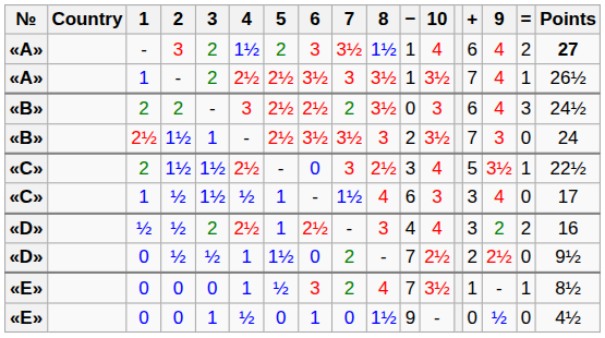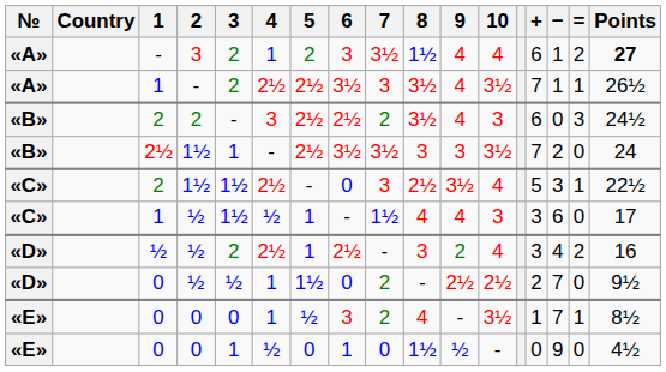 <table class="wikitable" style="text-align:center">
 <tr>
 <th>№</th>
 <th>Country</th>
 <th>1</th>
 <th>2</th>
 <th>3</th>
 <th>4</th>
 <th>5</th>
 <th>6</th>
 <th>7</th>
 <th>8</th>
-<th>−</th>
+<th>9</th>
 <th>10</th>
 <th></th>
 <th>+</th>
-<th>9</th>
+<th>−</th>
 <th>=</th>
 <th>Points</th>
 </tr>
 <tr>
 <th>«A»</th>
 <td style="text-align: left"></td>
 <td>-</td>
 <td style="color:red;">3</td>
 <td style="color:green;">2</td>
-<td style="color:blue;">1½</td>
+<td style="color:blue;">1</td>
 <td style="color:green;">2</td>
 <td style="color:red;">3</td>
 <td style="color:red;">3½</td>
 <td style="color:blue;">1½</td>
-<td>1</td>
+<td style="color:red;">4</td>
 <td style="color:red;">4</td>
 <th></th>
 <td>6</td>
-<td style="color:red;">4</td>
+<td>1</td>
 <td>2</td>
 <td><strong>27</strong></td>
 </tr>
 <tr>
 <th>«A»</th>
 <td style="text-align: left"></td>
 <td style="color:blue;">1</td>
 <td>-</td>
 <td style="color:green;">2</td>
 <td style="color:red;">2½</td>
 <td style="color:red;">2½</td>
 <td style="color:red;">3½</td>
 <td style="color:red;">3</td>
 <td style="color:red;">3½</td>
-<td>1</td>
+<td style="color:red;">4</td>
 <td style="color:red;">3½</td>
 <th></th>
 <td>7</td>
-<td style="color:red;">4</td>
+<td>1</td>
 <td>1</td>
 <td>26½</td>
 </tr>
 <tr style="border-top:2px solid grey;">
 <th>«B»</th>
 <td style="text-align: left"></td>
 <td style="color:green;">2</td>
 <td style="color:green;">2</td>
 <td>-</td>
 <td style="color:red;">3</td>
 <td style="color:red;">2½</td>
 <td style="color:red;">2½</td>
 <td style="color:green;">2</td>
 <td style="color:red;">3½</td>
-<td>0</td>
+<td style="color:red;">4</td>
 <td style="color:red;">3</td>
 <th></th>
 <td>6</td>
-<td style="color:red;">4</td>
+<td>0</td>
 <td>3</td>
 <td>24½</td>
 </tr>
 <tr>
 <th>«B»</th>
 <td style="text-align: left"></td>
 <td style="color:red;">2½</td>
 <td style="color:blue;">1½</td>
 <td style="color:blue;">1</td>
 <td>-</td>
 <td style="color:red;">2½</td>
 <td style="color:red;">3½</td>
 <td style="color:red;">3½</td>
 <td style="color:red;">3</td>
-<td>2</td>
+<td style="color:red;">3</td>
 <td style="color:red;">3½</td>
 <th></th>
 <td>7</td>
-<td style="color:red;">3</td>
+<td>2</td>
 <td>0</td>
 <td>24</td>
 </tr>
 <tr style="border-top:2px solid grey;">
 <th>«C»</th>
 <td style="text-align: left"></td>
 <td style="color:green;">2</td>
 <td style="color:blue;">1½</td>
 <td style="color:blue;">1½</td>
 <td style="color:red;">2½</td>
 <td>-</td>
 <td style="color:blue;">0</td>
 <td style="color:red;">3</td>
 <td style="color:red;">2½</td>
-<td>3</td>
+<td style="color:red;">3½</td>
 <td style="color:red;">4</td>
 <th></th>
 <td>5</td>
-<td style="color:red;">3½</td>
+<td>3</td>
 <td>1</td>
 <td>22½</td>
 </tr>
 <tr>
 <th>«C»</th>
 <td style="text-align: left"></td>
 <td style="color:blue;">1</td>
 <td style="color:blue;">½</td>
 <td style="color:blue;">1½</td>
 <td style="color:blue;">½</td>
 <td style="color:blue;">1</td>
 <td>-</td>
 <td style="color:blue;">1½</td>
 <td style="color:red;">4</td>
-<td>6</td>
+<td style="color:red;">4</td>
 <td style="color:red;">3</td>
 <th></th>
 <td>3</td>
-<td style="color:red;">4</td>
+<td>6</td>
 <td>0</td>
 <td>17</td>
 </tr>
 <tr style="border-top:2px solid grey;">
 <th>«D»</th>
 <td style="text-align: left"></td>
 <td style="color:blue;">½</td>
 <td style="color:blue;">½</td>
 <td style="color:green;">2</td>
 <td style="color:red;">2½</td>
 <td style="color:blue;">1</td>
 <td style="color:red;">2½</td>
 <td>-</td>
 <td style="color:red;">3</td>
-<td>4</td>
+<td style="color:green;">2</td>
 <td style="color:red;">4</td>
 <th></th>
 <td>3</td>
-<td style="color:green;">2</td>
+<td>4</td>
 <td>2</td>
 <td>16</td>
 </tr>
 <tr>
 <th>«D»</th>
 <td style="text-align: left"></td>
 <td style="color:blue;">0</td>
 <td style="color:blue;">½</td>
 <td style="color:blue;">½</td>
 <td style="color:blue;">1</td>
 <td style="color:blue;">1½</td>
 <td style="color:blue;">0</td>
 <td style="color:green;">2</td>
 <td>-</td>
-<td>7</td>
+<td style="color:red;">2½</td>
 <td style="color:red;">2½</td>
 <th></th>
 <td>2</td>
-<td style="color:red;">2½</td>
+<td>7</td>
 <td>0</td>
 <td>9½</td>
 </tr>
 <tr style="border-top:2px solid grey;">
 <th>«E»</th>
 <td style="text-align: left"></td>
 <td style="color:blue;">0</td>
 <td style="color:blue;">0</td>
 <td style="color:blue;">0</td>
 <td style="color:blue;">1</td>
 <td style="color:blue;">½</td>
 <td style="color:red;">3</td>
 <td style="color:green;">2</td>
 <td style="color:red;">4</td>
-<td>7</td>
+<td>-</td>
 <td style="color:red;">3½</td>
 <th></th>
 <td>1</td>
-<td>-</td>
+<td>7</td>
 <td>1</td>
 <td>8½</td>
 </tr>
 <tr>
 <th>«E»</th>
 <td style="text-align: left"></td>
 <td style="color:blue;">0</td>
 <td style="color:blue;">0</td>
 <td style="color:blue;">1</td>
 <td style="color:blue;">½</td>
 <td style="color:blue;">0</td>
 <td style="color:blue;">1</td>
 <td style="color:blue;">0</td>
 <td style="color:blue;">1½</td>
-<td>9</td>
+<td style="color:blue;">½</td>
 <td>-</td>
 <th></th>
 <td>0</td>
-<td style="color:blue;">½</td>
+<td>9</td>
 <td>0</td>
 <td>4½</td>
 </tr>
 </table>
